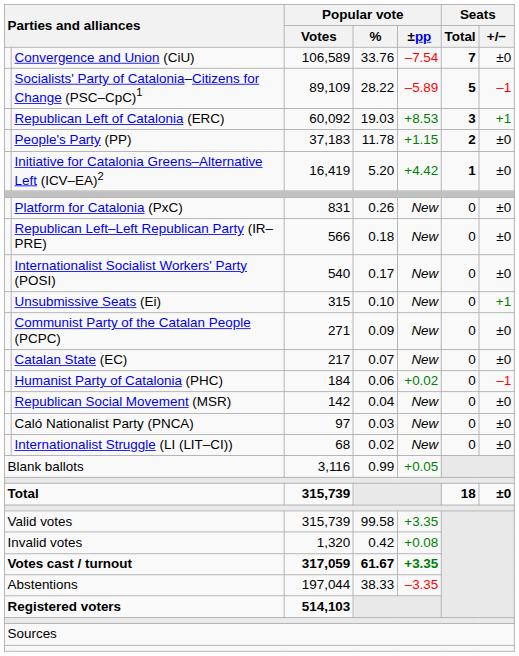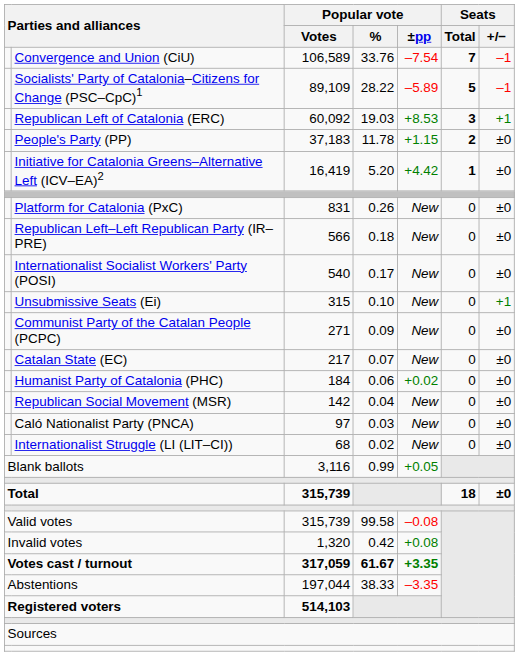 <table class="wikitable" style="text-align:right;">
 <tr>
 <th style="text-align:left;" rowspan="2" colspan="2" width="525">Parties and alliances</th>
 <th colspan="3">Popular vote</th>
 <th colspan="2">Seats</th>
 </tr>
 <tr>
 <th width="75">Votes</th>
 <th width="45">%</th>
 <th width="45">±<a href='#'>pp</a></th>
 <th width="35">Total</th>
 <th width="35">+/−</th>
 </tr>
 <tr>
 <td width="1" style="color:inherit;background:"></td>
 <td align="left"><a href='#'>Convergence and Union</a> (CiU)</td>
 <td>106,589</td>
 <td>33.76</td>
 <td style="color:red;">–7.54</td>
 <td><strong>7</strong></td>
-<td>±0</td>
+<td style="color:red;">–1</td>
 </tr>
 <tr>
 <td style="color:inherit;background:"></td>
 <td align="left"><a href='#'>Socialists' Party of Catalonia</a>–<a href='#'>Citizens for Change</a> (PSC–CpC)<sup>1</sup></td>
 <td>89,109</td>
 <td>28.22</td>
 <td style="color:red;">–5.89</td>
 <td><strong>5</strong></td>
 <td style="color:red;">–1</td>
 </tr>
 <tr>
 <td style="color:inherit;background:"></td>
 <td align="left"><a href='#'>Republican Left of Catalonia</a> (ERC)</td>
 <td>60,092</td>
 <td>19.03</td>
 <td style="color:green;">+8.53</td>
 <td><strong>3</strong></td>
 <td style="color:green;">+1</td>
 </tr>
 <tr>
 <td style="color:inherit;background:"></td>
 <td align="left"><a href='#'>People's Party</a> (PP)</td>
 <td>37,183</td>
 <td>11.78</td>
 <td style="color:green;">+1.15</td>
 <td><strong>2</strong></td>
 <td>±0</td>
 </tr>
 <tr>
 <td style="color:inherit;background:"></td>
 <td align="left"><a href='#'>Initiative for Catalonia Greens–Alternative Left</a> (ICV–EA)<sup>2</sup></td>
 <td>16,419</td>
 <td>5.20</td>
 <td style="color:green;">+4.42</td>
 <td><strong>1</strong></td>
 <td>±0</td>
 </tr>
 <tr>
 <td colspan="7" bgcolor="#C0C0C0"></td>
 </tr>
 <tr>
 <td style="color:inherit;background:"></td>
 <td align="left"><a href='#'>Platform for Catalonia</a> (PxC)</td>
 <td>831</td>
 <td>0.26</td>
 <td><em>New</em></td>
 <td>0</td>
 <td>±0</td>
 </tr>
 <tr>
 <td style="color:inherit;background:"></td>
 <td align="left"><a href='#'>Republican Left–Left Republican Party</a> (IR–PRE)</td>
 <td>566</td>
 <td>0.18</td>
 <td><em>New</em></td>
 <td>0</td>
 <td>±0</td>
 </tr>
 <tr>
 <td style="color:inherit;background:"></td>
 <td align="left"><a href='#'>Internationalist Socialist Workers' Party</a> (POSI)</td>
 <td>540</td>
 <td>0.17</td>
 <td><em>New</em></td>
 <td>0</td>
 <td>±0</td>
 </tr>
 <tr>
 <td style="color:inherit;background:"></td>
 <td align="left"><a href='#'>Unsubmissive Seats</a> (Ei)</td>
 <td>315</td>
 <td>0.10</td>
 <td><em>New</em></td>
 <td>0</td>
 <td style="color:green;">+1</td>
 </tr>
 <tr>
 <td style="color:inherit;background:"></td>
 <td align="left"><a href='#'>Communist Party of the Catalan People</a> (PCPC)</td>
 <td>271</td>
 <td>0.09</td>
 <td><em>New</em></td>
 <td>0</td>
 <td>±0</td>
 </tr>
 <tr>
 <td style="color:inherit;background:"></td>
 <td align="left"><a href='#'>Catalan State</a> (EC)</td>
 <td>217</td>
 <td>0.07</td>
 <td><em>New</em></td>
 <td>0</td>
 <td>±0</td>
 </tr>
 <tr>
 <td style="color:inherit;background:"></td>
 <td align="left"><a href='#'>Humanist Party of Catalonia</a> (PHC)</td>
 <td>184</td>
 <td>0.06</td>
 <td style="color:green;">+0.02</td>
 <td>0</td>
-<td style="color:red;">–1</td>
+<td>±0</td>
 </tr>
 <tr>
 <td style="color:inherit;background:"></td>
 <td align="left"><a href='#'>Republican Social Movement</a> (MSR)</td>
 <td>142</td>
 <td>0.04</td>
 <td><em>New</em></td>
 <td>0</td>
 <td>±0</td>
 </tr>
 <tr>
 <td style="color:inherit;background:"></td>
 <td align="left">Caló Nationalist Party (PNCA)</td>
 <td>97</td>
 <td>0.03</td>
 <td><em>New</em></td>
 <td>0</td>
 <td>±0</td>
 </tr>
 <tr>
 <td style="color:inherit;background:"></td>
 <td align="left"><a href='#'>Internationalist Struggle</a> (LI (LIT–CI))</td>
 <td>68</td>
 <td>0.02</td>
 <td><em>New</em></td>
 <td>0</td>
 <td>±0</td>
 </tr>
 <tr>
 <td align="left" colspan="2">Blank ballots</td>
 <td>3,116</td>
 <td>0.99</td>
 <td style="color:green;">+0.05</td>
 <td bgcolor="#E9E9E9" colspan="2"></td>
 </tr>
 <tr>
 <td colspan="7" bgcolor="#E9E9E9"></td>
 </tr>
 <tr style="font-weight:bold;">
 <td align="left" colspan="2">Total</td>
 <td>315,739</td>
 <td bgcolor="#E9E9E9" colspan="2"></td>
 <td>18</td>
 <td>±0</td>
 </tr>
 <tr>
 <td colspan="7" bgcolor="#E9E9E9"></td>
 </tr>
 <tr>
 <td align="left" colspan="2">Valid votes</td>
 <td>315,739</td>
 <td>99.58</td>
-<td style="color:green;">+3.35</td>
+<td style="color:red;">–0.08</td>
 <td bgcolor="#E9E9E9" colspan="2" rowspan="5"></td>
 </tr>
 <tr>
 <td align="left" colspan="2">Invalid votes</td>
 <td>1,320</td>
 <td>0.42</td>
 <td style="color:green;">+0.08</td>
 </tr>
 <tr style="font-weight:bold;">
 <td align="left" colspan="2">Votes cast / turnout</td>
 <td>317,059</td>
 <td>61.67</td>
 <td style="color:green;">+3.35</td>
 </tr>
 <tr>
 <td align="left" colspan="2">Abstentions</td>
 <td>197,044</td>
 <td>38.33</td>
 <td style="color:red;">–3.35</td>
 </tr>
 <tr style="font-weight:bold;">
 <td align="left" colspan="2">Registered voters</td>
 <td>514,103</td>
 <td bgcolor="#E9E9E9" colspan="2"></td>
 </tr>
 <tr>
 <td colspan="7" bgcolor="#E9E9E9"></td>
 </tr>
 <tr>
 <td align="left" colspan="7">Sources</td>
 </tr>
 <tr>
 <td colspan="7" style="text-align:left; max-width:790px;"></td>
 </tr>
 </table>
